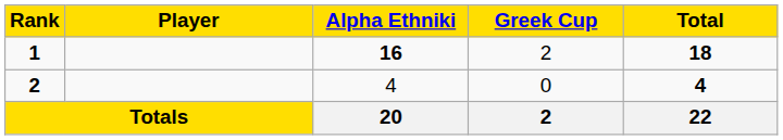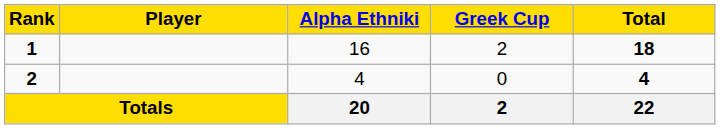 <table class="wikitable sortable" style="text-align:center">
 <tr>
 <th style="background:#FFDE00">Rank</th>
 <th width=200 style="background:#FFDE00">Player</th>
 <th width=120 style="background:#FFDE00"><a href='#'>Alpha Ethniki</a></th>
 <th width=120 style="background:#FFDE00"><a href='#'>Greek Cup</a></th>
 <th width=120 style="background:#FFDE00">Total</th>
 </tr>
 <tr>
 <td><strong>1</strong></td>
 <td align=left></td>
-<td><strong>16</strong></td>
+<td>16</td>
 <td>2</td>
 <td><strong>18</strong></td>
 </tr>
 <tr>
 <td><strong>2</strong></td>
 <td align=left></td>
 <td>4</td>
 <td>0</td>
 <td><strong>4</strong></td>
 </tr>
 <tr class="sortbottom">
 <th colspan=2 style="background:#FFDE00"><strong>Totals</strong></th>
 <th><strong>20</strong></th>
 <th><strong> 2</strong></th>
 <th><strong>22</strong></th>
 </tr>
 </table>
